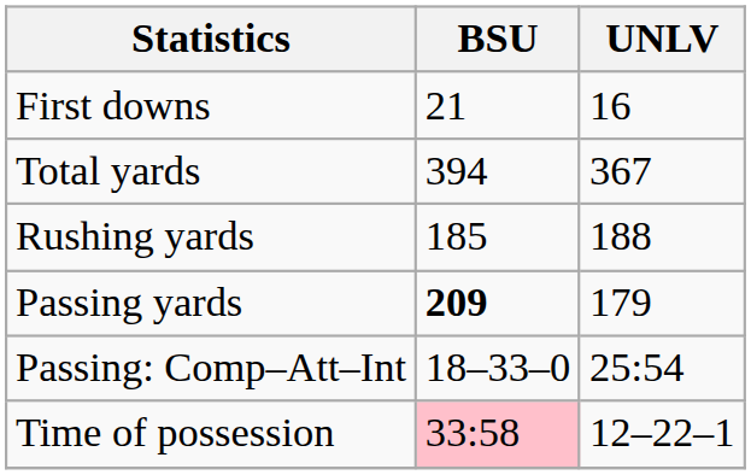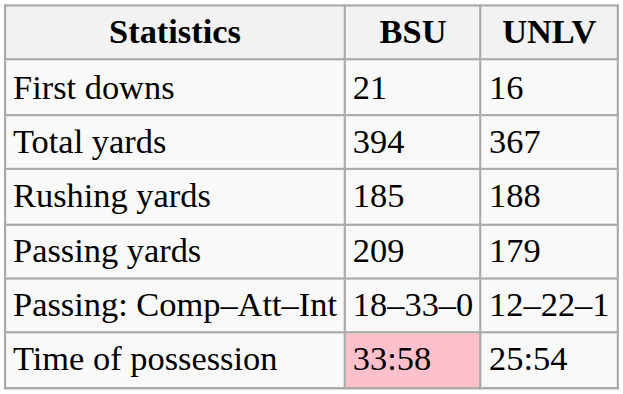 <table class="wikitable" style="float: left;">
 <tr>
 <th>Statistics</th>
 <th>BSU</th>
 <th>UNLV</th>
 </tr>
 <tr>
 <td>First downs</td>
 <td>21</td>
 <td>16</td>
 </tr>
 <tr>
 <td>Total yards</td>
 <td>394</td>
 <td>367</td>
 </tr>
 <tr>
 <td>Rushing yards</td>
 <td>185</td>
 <td>188</td>
 </tr>
 <tr>
 <td>Passing yards</td>
-<td><strong>209</strong></td>
+<td>209</td>
 <td>179</td>
 </tr>
 <tr>
 <td>Passing: Comp–Att–Int</td>
 <td>18–33–0</td>
-<td>25:54</td>
+<td>12–22–1</td>
 </tr>
 <tr>
 <td>Time of possession</td>
 <td style="background: pink;">33:58</td>
-<td>12–22–1</td>
+<td>25:54</td>
 </tr>
 <tr>
 </tr>
 </table>
